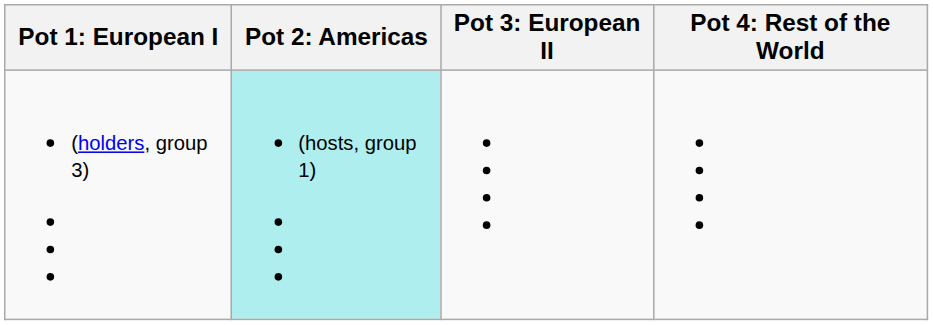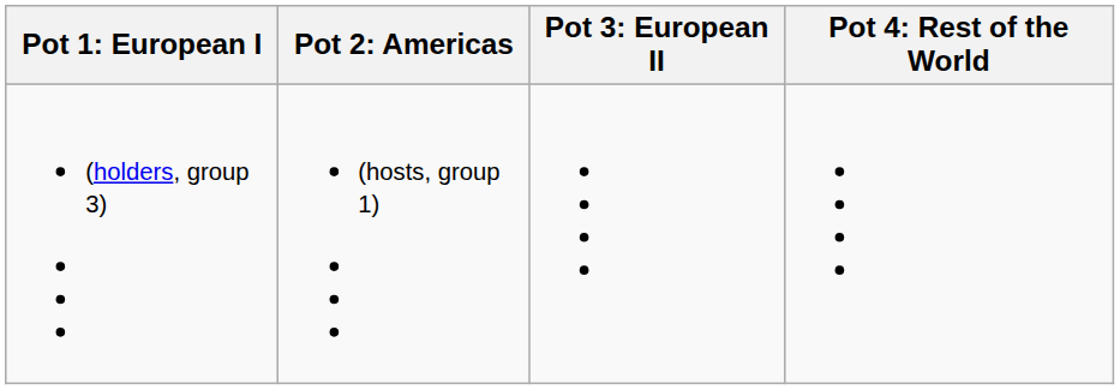 <table class="wikitable">
 <tr>
 <th>Pot 1: European I</th>
 <th>Pot 2: Americas</th>
 <th>Pot 3: European II</th>
 <th>Pot 4: Rest of the World</th>
 </tr>
 <tr>
 <td style="vertical-align:top;"><br><ul><li> <small>(<a href='#'>holders</a>, group 3)</small></li></ul><ul><li></li><li></li><li></li></ul></td>
-<td style="background: paleturquoise; vertical-align:top;"><br><ul><li> <small>(hosts, group 1)</small></li></ul><ul><li></li><li></li><li></li></ul></td>
+<td style="vertical-align:top;"><br><ul><li> <small>(hosts, group 1)</small></li></ul><ul><li></li><li></li><li></li></ul></td>
 <td style="vertical-align:top;"><br><ul><li></li><li></li><li></li><li></li></ul></td>
 <td style="vertical-align:top;"><br><ul><li></li><li></li><li></li><li></li></ul></td>
 </tr>
 </table>
